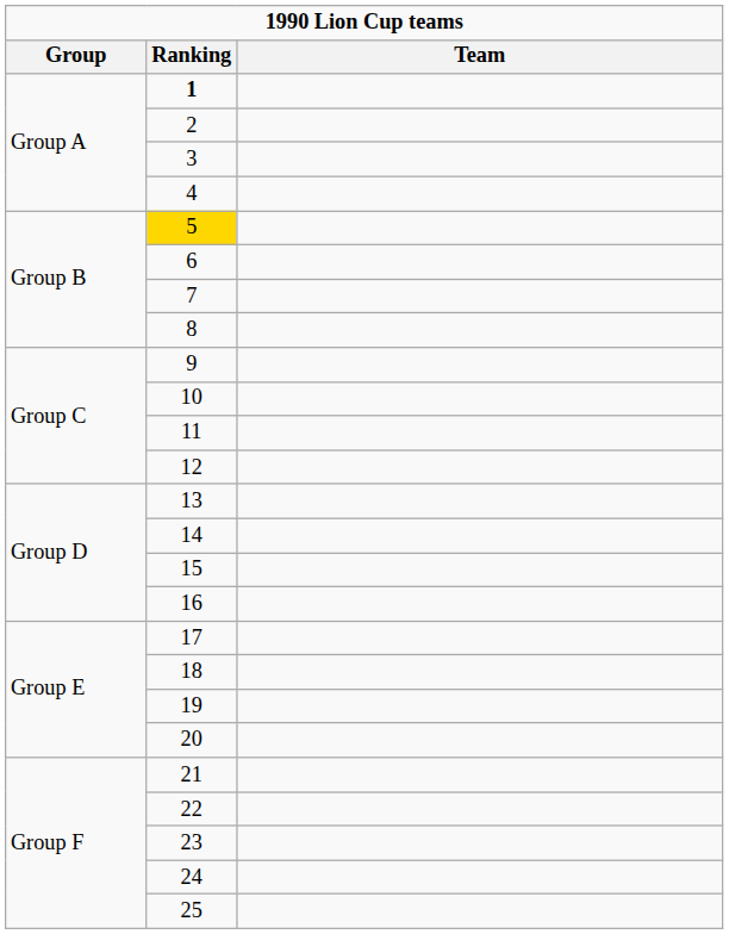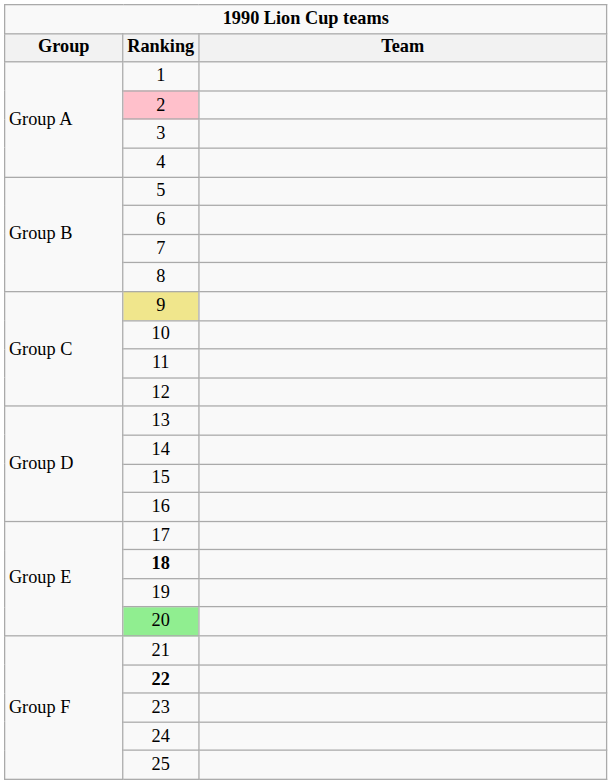 <table class="wikitable" style="text-align:left; line-height:110%; font-size:90%; width:30%;">
 <tr>
 <td colspan="5" cellpadding="0" cellspacing="0" style="text-align:center"><strong>1990 Lion Cup teams</strong></td>
 </tr>
 <tr>
 <th style="width:20%;">Group</th>
 <th style="width:10%;">Ranking</th>
 <th style="width:70%;">Team</th>
 </tr>
 <tr>
 <td rowspan=4>Group A</td>
-<td style="text-align:center"><strong>1</strong></td>
+<td style="text-align:center">1</td>
 <td></td>
 </tr>
 <tr>
-<td style="text-align:center">2</td>
+<td style="background: pink; text-align:center">2</td>
 <td></td>
 </tr>
 <tr>
 <td style="text-align:center">3</td>
 <td></td>
 </tr>
 <tr>
 <td style="text-align:center">4</td>
 <td></td>
 </tr>
 <tr>
 <td rowspan=4>Group B</td>
-<td style="background: gold; text-align:center">5</td>
+<td style="text-align:center">5</td>
 <td></td>
 </tr>
 <tr>
 <td style="text-align:center">6</td>
 <td></td>
 </tr>
 <tr>
 <td style="text-align:center">7</td>
 <td></td>
 </tr>
 <tr>
 <td style="text-align:center">8</td>
 <td></td>
 </tr>
 <tr>
 <td rowspan=4>Group C</td>
-<td style="text-align:center">9</td>
+<td style="background: khaki; text-align:center">9</td>
 <td></td>
 </tr>
 <tr>
 <td style="text-align:center">10</td>
 <td></td>
 </tr>
 <tr>
 <td style="text-align:center">11</td>
 <td></td>
 </tr>
 <tr>
 <td style="text-align:center">12</td>
 <td></td>
 </tr>
 <tr>
 <td rowspan=4>Group D</td>
 <td style="text-align:center">13</td>
 <td></td>
 </tr>
 <tr>
 <td style="text-align:center">14</td>
 <td></td>
 </tr>
 <tr>
 <td style="text-align:center">15</td>
 <td></td>
 </tr>
 <tr>
 <td style="text-align:center">16</td>
 <td></td>
 </tr>
 <tr>
 <td rowspan=4>Group E</td>
 <td style="text-align:center">17</td>
 <td></td>
 </tr>
 <tr>
-<td style="text-align:center">18</td>
+<td style="text-align:center"><strong>18</strong></td>
 <td></td>
 </tr>
 <tr>
 <td style="text-align:center">19</td>
 <td></td>
 </tr>
 <tr>
-<td style="text-align:center">20</td>
+<td style="background: lightgreen; text-align:center">20</td>
 <td></td>
 </tr>
 <tr>
 <td rowspan=5>Group F</td>
 <td style="text-align:center">21</td>
 <td></td>
 </tr>
 <tr>
-<td style="text-align:center">22</td>
+<td style="text-align:center"><strong>22</strong></td>
 <td></td>
 </tr>
 <tr>
 <td style="text-align:center">23</td>
 <td></td>
 </tr>
 <tr>
 <td style="text-align:center">24</td>
 <td></td>
 </tr>
 <tr>
 <td style="text-align:center">25</td>
 <td></td>
 </tr>
 </table>
